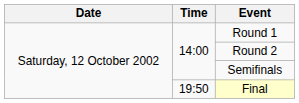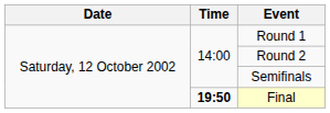 <table class = "wikitable" style="text-align:center;">
 <tr>
 <th width=220>Date</th>
 <th width=50>Time</th>
 <th width=100>Event</th>
 </tr>
 <tr>
 <td rowspan=4>Saturday, 12 October 2002</td>
 <td rowspan=3>14:00</td>
 <td>Round 1</td>
 </tr>
 <tr>
 <td>Round 2</td>
 </tr>
 <tr>
 <td>Semifinals</td>
 </tr>
 <tr>
-<td>19:50</td>
+<td><strong>19:50</strong></td>
 <td bgcolor=ffffcc>Final</td>
 </tr>
 </table>
